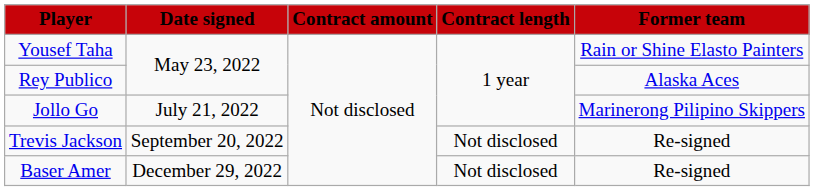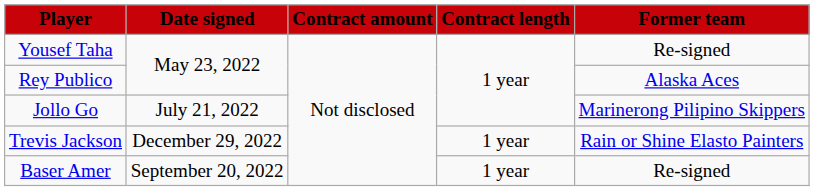 <table class="wikitable sortable sortable">
 <tr>
 <th style="background:#C70309; color:#000000; ">Player</th>
 <th style="background:#C70309; color:#000000; ">Date signed</th>
 <th style="background:#C70309; color:#000000; ">Contract amount</th>
 <th style="background:#C70309; color:#000000; ">Contract length</th>
 <th style="background:#C70309; color:#000000; ">Former team</th>
 </tr>
 <tr>
 <td align=center><a href='#'>Yousef Taha</a></td>
 <td align=center rowspan=2>May 23, 2022</td>
 <td align=center rowspan=5>Not disclosed</td>
 <td align=center rowspan=3>1 year</td>
-<td align=center><a href='#'>Rain or Shine Elasto Painters</a></td>
+<td align=center>Re-signed</td>
 </tr>
 <tr>
 <td align=center><a href='#'>Rey Publico</a></td>
 <td align=center><a href='#'>Alaska Aces</a></td>
 </tr>
 <tr>
 <td align=center><a href='#'>Jollo Go</a></td>
 <td align=center>July 21, 2022</td>
 <td align=center><a href='#'>Marinerong Pilipino Skippers</a> </td>
 </tr>
 <tr>
 <td align=center><a href='#'>Trevis Jackson</a></td>
-<td align=center>September 20, 2022</td>
-<td align=center>Not disclosed</td>
-<td align=center>Re-signed</td>
+<td align=center>December 29, 2022</td>
+<td align=center>1 year</td>
+<td align=center><a href='#'>Rain or Shine Elasto Painters</a></td>
 </tr>
 <tr>
 <td align=center><a href='#'>Baser Amer</a></td>
-<td align=center>December 29, 2022</td>
-<td align=center>Not disclosed</td>
+<td align=center>September 20, 2022</td>
+<td align=center>1 year</td>
 <td align=center>Re-signed</td>
 </tr>
 </table>
